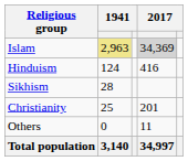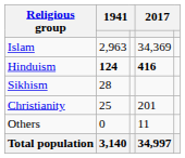 <table class="wikitable sortable">
 <tr>
 <th rowspan="2"><a href='#'>Religious</a><br>group</th>
 <th colspan="2">1941</th>
 <th colspan="2">2017</th>
 </tr>
 <tr>
 <th><a href='#'></a></th>
 <th></th>
 <th></th>
 <th></th>
 </tr>
 <tr>
 <td><a href='#'>Islam</a> </td>
-<td style="background: khaki;">2,963</td>
+<td>2,963</td>
 <td></td>
-<td style="background: lightgrey;">34,369</td>
+<td>34,369</td>
 <td></td>
 </tr>
 <tr>
 <td><a href='#'>Hinduism</a> </td>
-<td>124</td>
+<td><strong>124</strong></td>
 <td></td>
-<td>416</td>
+<td><strong>416</strong></td>
 <td></td>
 </tr>
 <tr>
 <td><a href='#'>Sikhism</a> </td>
 <td>28</td>
 <td></td>
 <td></td>
 <td></td>
 </tr>
 <tr>
 <td><a href='#'>Christianity</a> </td>
 <td>25</td>
 <td></td>
 <td>201</td>
 <td></td>
 </tr>
 <tr>
 <td>Others</td>
 <td>0</td>
 <td></td>
 <td>11</td>
 <td></td>
 </tr>
 <tr>
 <th>Total population</th>
 <th>3,140</th>
 <th></th>
 <th>34,997</th>
 <th></th>
 </tr>
 </table>
